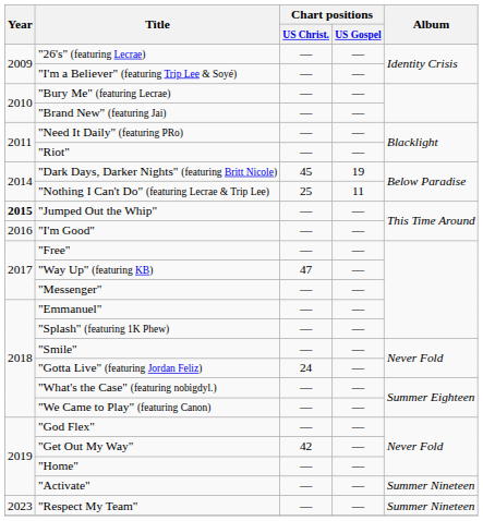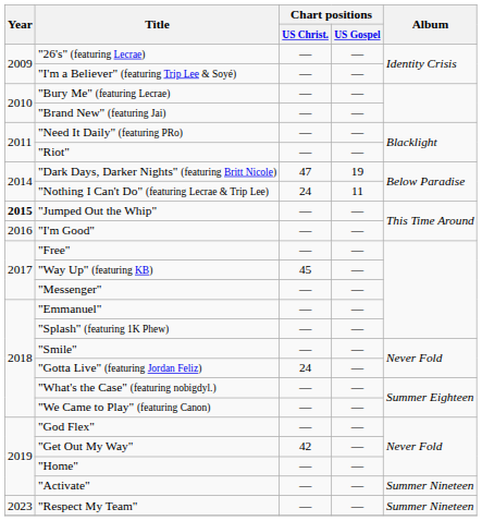 <table class="wikitable">
 <tr>
 <th rowspan="2">Year</th>
 <th rowspan="2">Title</th>
 <th colspan="2">Chart positions</th>
 <th rowspan="2">Album</th>
 </tr>
 <tr>
 <th width="60"><small><a href='#'>US Christ.</a></small></th>
 <th width="60"><small><a href='#'>US Gospel</a></small></th>
 </tr>
 <tr>
 <td rowspan="2">2009</td>
 <td>"26's" <small>(featuring <a href='#'>Lecrae</a>)</small></td>
 <td align="center">—</td>
 <td align="center">—</td>
 <td rowspan="2"><em>Identity Crisis</em></td>
 </tr>
 <tr>
 <td>"I'm a Believer" <small>(featuring <a href='#'>Trip Lee</a> & Soyé)</small></td>
 <td align="center">—</td>
 <td align="center">—</td>
 </tr>
 <tr>
 <td rowspan="2">2010</td>
 <td>"Bury Me" <small>(featuring Lecrae)</small></td>
 <td align="center">—</td>
 <td align="center">—</td>
 <td rowspan="2"></td>
 </tr>
 <tr>
 <td>"Brand New" <small>(featuring Jai)</small></td>
 <td align="center">—</td>
 <td align="center">—</td>
 </tr>
 <tr>
 <td rowspan="2">2011</td>
 <td>"Need It Daily" <small>(featuring PRo)</small></td>
 <td align="center">—</td>
 <td align="center">—</td>
 <td rowspan="2"><em>Blacklight</em></td>
 </tr>
 <tr>
 <td>"Riot"</td>
 <td align="center">—</td>
 <td align="center">—</td>
 </tr>
 <tr>
 <td rowspan="2">2014</td>
 <td>"Dark Days, Darker Nights" <small>(featuring <a href='#'>Britt Nicole</a>)</small></td>
-<td align="center">45</td>
+<td align="center">47</td>
 <td align="center">19</td>
 <td rowspan="2"><em>Below Paradise</em></td>
 </tr>
 <tr>
 <td>"Nothing I Can't Do" <small>(featuring Lecrae & Trip Lee)</small></td>
-<td align="center">25</td>
+<td align="center">24</td>
 <td align="center">11</td>
 </tr>
 <tr>
 <td><strong>2015</strong></td>
 <td>"Jumped Out the Whip"</td>
 <td align="center">—</td>
 <td align="center">—</td>
 <td rowspan="2"><em>This Time Around</em></td>
 </tr>
 <tr>
 <td>2016</td>
 <td>"I'm Good"</td>
 <td align="center">—</td>
 <td align="center">—</td>
 </tr>
 <tr>
 <td rowspan="3">2017</td>
 <td>"Free"</td>
 <td align="center">—</td>
 <td align="center">—</td>
 <td rowspan="5"></td>
 </tr>
 <tr>
 <td>"Way Up" <small>(featuring <a href='#'>KB</a>)</small></td>
-<td align="center">47</td>
+<td align="center">45</td>
 <td align="center">—</td>
 </tr>
 <tr>
 <td>"Messenger"</td>
 <td align="center">—</td>
 <td align="center">—</td>
 </tr>
 <tr>
 <td rowspan="6">2018</td>
 <td>"Emmanuel"</td>
 <td align="center">—</td>
 <td align="center">—</td>
 </tr>
 <tr>
 <td>"Splash" <small>(featuring 1K Phew)</small></td>
 <td align="center">—</td>
 <td align="center">—</td>
 </tr>
 <tr>
 <td>"Smile"</td>
 <td align="center">—</td>
 <td align="center">—</td>
 <td rowspan="2"><em>Never Fold</em></td>
 </tr>
 <tr>
 <td>"Gotta Live" <small>(featuring <a href='#'>Jordan Feliz</a>)</small></td>
 <td align="center">24</td>
 <td align="center">—</td>
 </tr>
 <tr>
 <td>"What's the Case" <small>(featuring nobigdyl.)</small></td>
 <td align="center">—</td>
 <td align="center">—</td>
 <td rowspan="2"><em>Summer Eighteen</em></td>
 </tr>
 <tr>
 <td>"We Came to Play" <small>(featuring Canon)</small></td>
 <td align="center">—</td>
 <td align="center">—</td>
 </tr>
 <tr>
 <td rowspan="4">2019</td>
 <td>"God Flex"<br></td>
 <td align="center">—</td>
 <td align="center">—</td>
 <td rowspan="3'"><em>Never Fold</em></td>
 </tr>
 <tr>
 <td>"Get Out My Way" <br></td>
 <td align="center">42</td>
 <td align="center">—</td>
 </tr>
 <tr>
 <td>"Home" <br></td>
 <td align="center">—</td>
 <td align="center">—</td>
 </tr>
 <tr>
 <td>"Activate" </td>
 <td align="center">—</td>
 <td align="center">—</td>
 <td><em>Summer Nineteen</em></td>
 </tr>
 <tr>
 <td rowspan="1">2023</td>
 <td>"Respect My Team"<br></td>
 <td align="center">—</td>
 <td align="center">—</td>
 <td><em>Summer Nineteen</em></td>
 </tr>
 <tr>
 </tr>
 </table>
